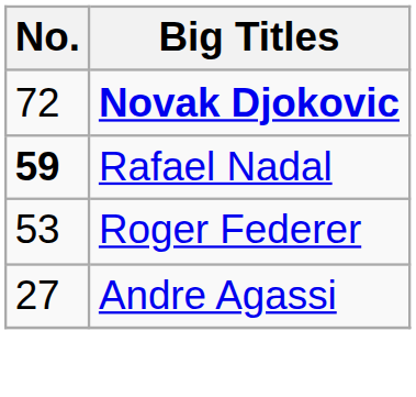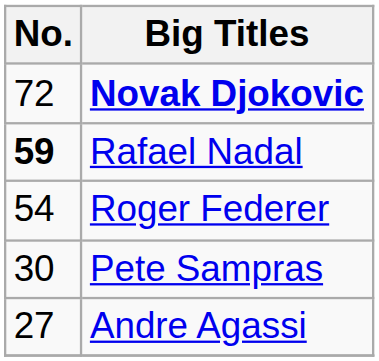 <table class="wikitable" style="display: inline-table;">
 <tr>
 <th width=20>No.</th>
 <th>Big Titles</th>
 </tr>
 <tr>
 <td>72</td>
 <td><strong> <a href='#'>Novak Djokovic</a></strong></td>
 </tr>
 <tr>
 <td><strong>59</strong></td>
 <td> <a href='#'>Rafael Nadal</a></td>
 </tr>
 <tr>
-<td>53</td>
+<td>54</td>
 <td> <a href='#'>Roger Federer</a></td>
+</tr>
+<tr>
+<td>30</td>
+<td> <a href='#'>Pete Sampras</a></td>
 </tr>
 <tr>
 <td>27</td>
 <td> <a href='#'>Andre Agassi</a></td>
 </tr>
 <tr>
 </tr>
 </table>
